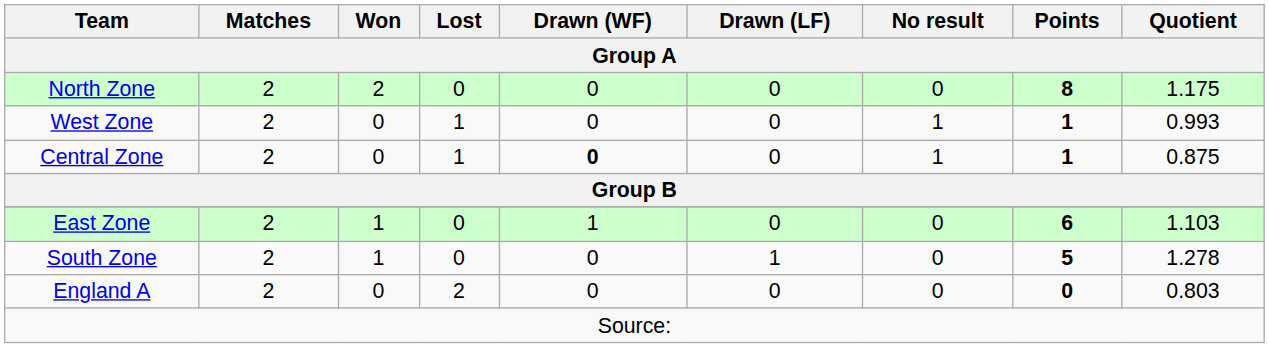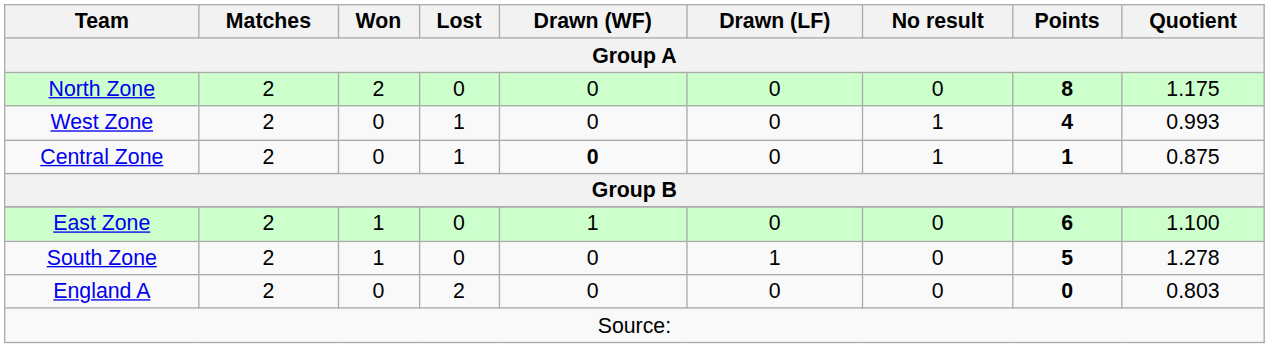 <table class="wikitable sortable" style="text-align: center; width:75%">
 <tr>
 <th>Team</th>
 <th>Matches</th>
 <th>Won</th>
 <th>Lost</th>
 <th>Drawn (WF)</th>
 <th>Drawn (LF)</th>
 <th>No result</th>
 <th>Points</th>
 <th>Quotient</th>
 </tr>
 <tr>
 <th colspan="9">Group A</th>
 </tr>
 <tr - bgcolor="#ccffcc">
 <td><a href='#'>North Zone</a></td>
 <td>2</td>
 <td>2</td>
 <td>0</td>
 <td>0</td>
 <td>0</td>
 <td>0</td>
 <td><strong>8</strong></td>
 <td>1.175</td>
 </tr>
 <tr>
 <td><a href='#'>West Zone</a></td>
 <td>2</td>
 <td>0</td>
 <td>1</td>
 <td>0</td>
 <td>0</td>
 <td>1</td>
-<td><strong>1</strong></td>
+<td><strong>4</strong></td>
 <td>0.993</td>
 </tr>
 <tr>
 <td><a href='#'>Central Zone</a></td>
 <td>2</td>
 <td>0</td>
 <td>1</td>
 <td><strong>0</strong></td>
 <td>0</td>
 <td>1</td>
 <td><strong>1</strong></td>
 <td>0.875</td>
 </tr>
 <tr>
 <th colspan="9">Group B</th>
 </tr>
 <tr>
 </tr>
 <tr - bgcolor="#ccffcc">
 <td><a href='#'>East Zone</a></td>
 <td>2</td>
 <td>1</td>
 <td>0</td>
 <td>1</td>
 <td>0</td>
 <td>0</td>
 <td><strong>6</strong></td>
-<td>1.103</td>
+<td>1.100</td>
 </tr>
 <tr>
 <td><a href='#'>South Zone</a></td>
 <td>2</td>
 <td>1</td>
 <td>0</td>
 <td>0</td>
 <td>1</td>
 <td>0</td>
 <td><strong>5</strong></td>
 <td>1.278</td>
 </tr>
 <tr>
 <td><a href='#'>England A</a></td>
 <td>2</td>
 <td>0</td>
 <td>2</td>
 <td>0</td>
 <td>0</td>
 <td>0</td>
 <td><strong>0</strong></td>
 <td>0.803</td>
 </tr>
 <tr>
 <td colspan="9">Source: </td>
 </tr>
 </table>
